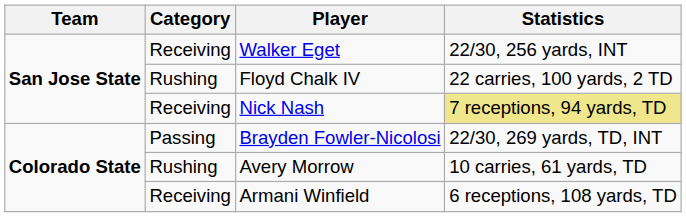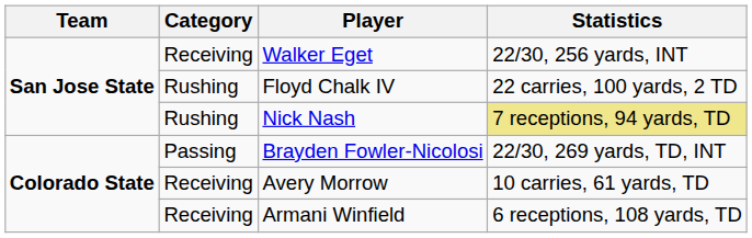 <table class="wikitable" style="float: right;">
 <tr>
 <th>Team</th>
 <th>Category</th>
 <th>Player</th>
 <th>Statistics</th>
 </tr>
 <tr>
 <td rowspan=3><strong>San Jose State</strong></td>
 <td>Receiving</td>
 <td><a href='#'>Walker Eget</a></td>
 <td>22/30, 256 yards, INT</td>
 </tr>
 <tr>
 <td>Rushing</td>
 <td>Floyd Chalk IV</td>
 <td>22 carries, 100 yards, 2 TD</td>
 </tr>
 <tr>
-<td>Receiving</td>
+<td>Rushing</td>
 <td><a href='#'>Nick Nash</a></td>
 <td style="background: khaki;">7 receptions, 94 yards, TD</td>
 </tr>
 <tr>
 <td rowspan=3><strong>Colorado State</strong></td>
 <td>Passing</td>
 <td><a href='#'>Brayden Fowler-Nicolosi</a></td>
 <td>22/30, 269 yards, TD, INT</td>
 </tr>
 <tr>
-<td>Rushing</td>
+<td>Receiving</td>
 <td>Avery Morrow</td>
 <td>10 carries, 61 yards, TD</td>
 </tr>
 <tr>
 <td>Receiving</td>
 <td>Armani Winfield</td>
 <td>6 receptions, 108 yards, TD</td>
 </tr>
 </table>
